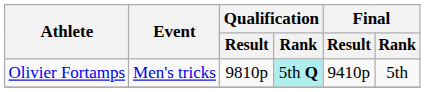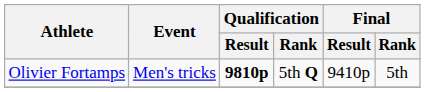 <table class="wikitable" style="font-size:90%">
 <tr>
 <th rowspan=2>Athlete</th>
 <th rowspan=2>Event</th>
 <th colspan=2>Qualification</th>
 <th colspan=2>Final</th>
 </tr>
 <tr style="font-size:95%">
 <th>Result</th>
 <th>Rank</th>
 <th>Result</th>
 <th>Rank</th>
 </tr>
 <tr align="center">
 <td align=left><a href='#'>Olivier Fortamps</a></td>
 <td align=left><a href='#'>Men's tricks</a></td>
-<td>9810p</td>
-<td style="background: paleturquoise;">5th <strong>Q</strong></td>
+<td><strong>9810p</strong></td>
+<td>5th <strong>Q</strong></td>
 <td>9410p</td>
 <td>5th</td>
 </tr>
 <tr align="center">
 </tr>
 </table>
